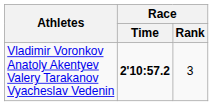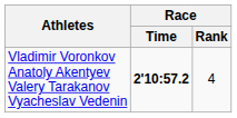 <table class="wikitable" border="1" style="font-size:90%">
 <tr>
 <th rowspan=2>Athletes</th>
 <th colspan=2>Race</th>
 </tr>
 <tr>
 <th>Time</th>
 <th>Rank</th>
 </tr>
 <tr>
 <td><a href='#'>Vladimir Voronkov</a><br><a href='#'>Anatoly Akentyev</a><br><a href='#'>Valery Tarakanov</a><br><a href='#'>Vyacheslav Vedenin</a></td>
 <td align=center><strong>2'10:57.2</strong></td>
-<td align=center>3</td>
+<td align=center>4</td>
 </tr>
 </table>
